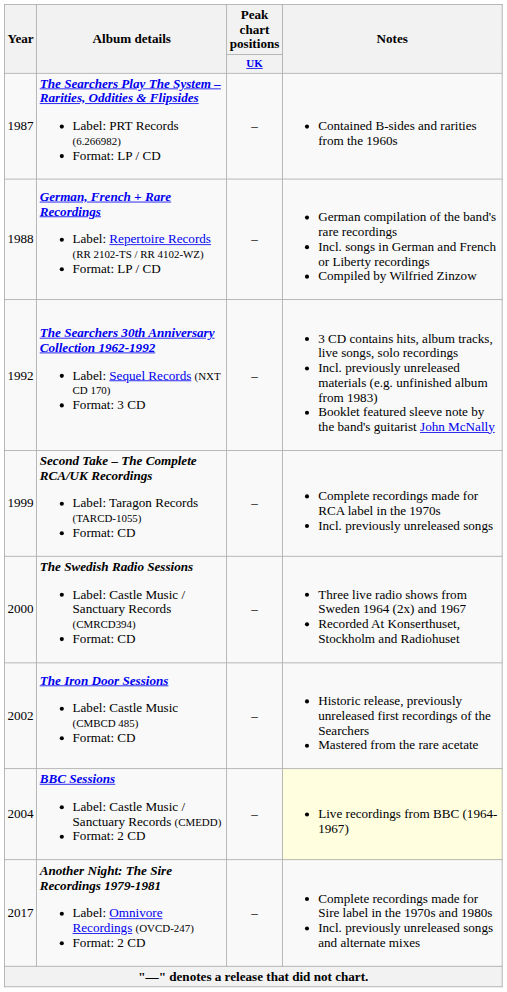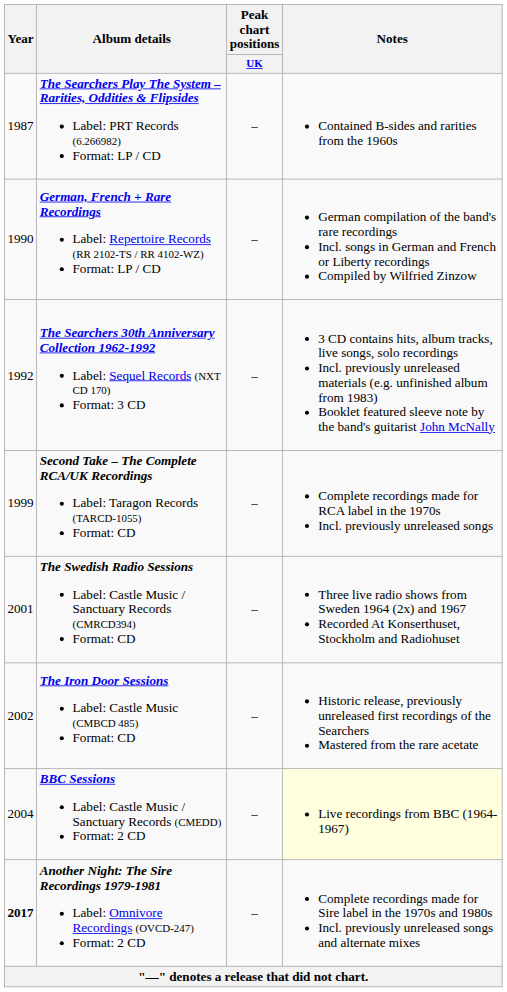 <table class="wikitable">
 <tr>
 <th rowspan=2>Year</th>
 <th rowspan=2>Album details</th>
 <th>Peak chart positions</th>
 <th rowspan=2>Notes</th>
 </tr>
 <tr style="font-size:smaller;">
 <th width="30"><a href='#'>UK</a><br></th>
 </tr>
 <tr>
 <td>1987</td>
 <td><strong><em><a href='#'>The Searchers Play The System – Rarities, Oddities & Flipsides</a></em></strong><br><ul><li>Label: PRT Records <small>(6.266982)</small></li><li>Format: LP / CD</li></ul></td>
 <td align="center">–</td>
 <td><br><ul><li>Contained B-sides and rarities from the 1960s</li></ul></td>
 </tr>
 <tr>
-<td>1988</td>
+<td>1990</td>
 <td><strong><em> <a href='#'>German, French + Rare Recordings</a></em></strong><br><ul><li>Label: <a href='#'>Repertoire Records</a> <small>(RR 2102-TS / RR 4102-WZ)</small></li><li>Format: LP / CD</li></ul></td>
 <td align="center">–</td>
 <td><br><ul><li>German compilation of the band's rare recordings</li><li>Incl. songs in German and French or Liberty recordings</li><li>Compiled by Wilfried Zinzow</li></ul></td>
 </tr>
 <tr>
 <td>1992</td>
 <td><strong><em><a href='#'>The Searchers 30th Anniversary Collection 1962-1992</a></em></strong><br><ul><li>Label: <a href='#'>Sequel Records</a> <small>(NXT CD 170)</small></li><li>Format: 3 CD</li></ul></td>
 <td align="center">–</td>
 <td><br><ul><li>3 CD contains hits, album tracks, live songs, solo recordings</li><li>Incl. previously unreleased materials (e.g. unfinished album from 1983)</li><li>Booklet featured sleeve note by the band's guitarist <a href='#'>John McNally</a></li></ul></td>
 </tr>
 <tr>
 <td>1999</td>
 <td><strong><em> Second Take – The Complete RCA/UK Recordings</em></strong><br><ul><li>Label: Taragon Records  <small>(TARCD-1055)</small></li><li>Format: CD</li></ul></td>
 <td align="center">–</td>
 <td><br><ul><li>Complete recordings made for RCA label in the 1970s</li><li>Incl. previously unreleased songs</li></ul></td>
 </tr>
 <tr>
-<td>2000</td>
+<td>2001</td>
 <td><strong><em> The Swedish Radio Sessions</em></strong><br><ul><li>Label: Castle Music / Sanctuary Records<small> (CMRCD394)</small></li><li>Format: CD</li></ul></td>
 <td align="center">–</td>
 <td><br><ul><li>Three live radio shows from Sweden 1964 (2x) and 1967</li><li>Recorded At Konserthuset, Stockholm and Radiohuset</li></ul></td>
 </tr>
 <tr>
 <td>2002</td>
 <td><strong><em> <a href='#'>The Iron Door Sessions</a> </em></strong><br><ul><li>Label: Castle Music <small>(CMBCD 485)</small></li><li>Format: CD</li></ul></td>
 <td align="center">–</td>
 <td><br><ul><li>Historic release, previously unreleased first recordings of the Searchers</li><li>Mastered from the rare acetate</li></ul></td>
 </tr>
 <tr>
 <td>2004</td>
 <td><strong><em><a href='#'>BBC Sessions</a></em></strong><br><ul><li>Label: Castle Music / Sanctuary Records <small> (CMEDD)</small></li><li>Format: 2 CD</li></ul></td>
 <td align="center">–</td>
 <td style="background: lightyellow;"><br><ul><li>Live recordings from BBC (1964-1967)</li></ul></td>
 </tr>
 <tr>
-<td>2017</td>
+<td><strong>2017</strong></td>
 <td><strong><em> Another Night: The Sire Recordings 1979-1981</em></strong><br><ul><li>Label: <a href='#'>Omnivore Recordings</a>  <small>(OVCD-247)</small></li><li>Format: 2 CD</li></ul></td>
 <td align="center">–</td>
 <td><br><ul><li>Complete recordings made for Sire label in the 1970s and 1980s</li><li>Incl. previously unreleased songs and alternate mixes</li></ul></td>
 </tr>
 <tr>
 <th colspan="4">"—" denotes a release that did not chart.</th>
 </tr>
 </table>
